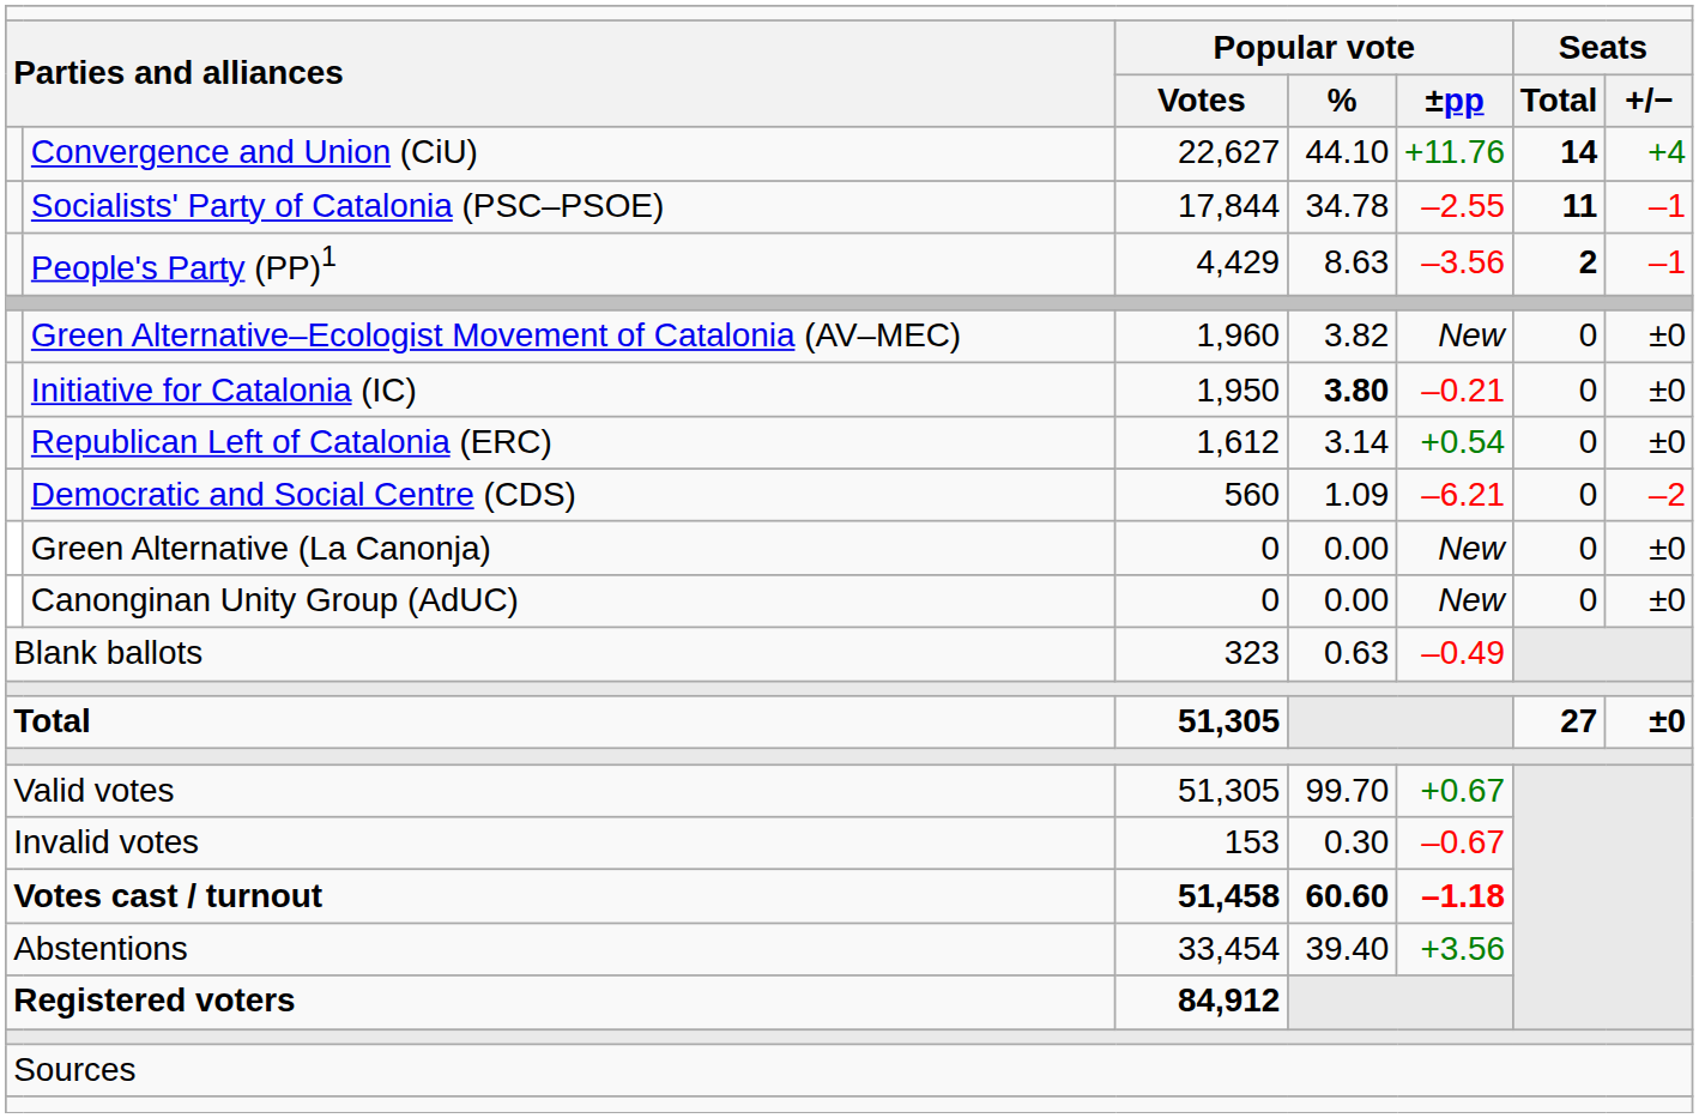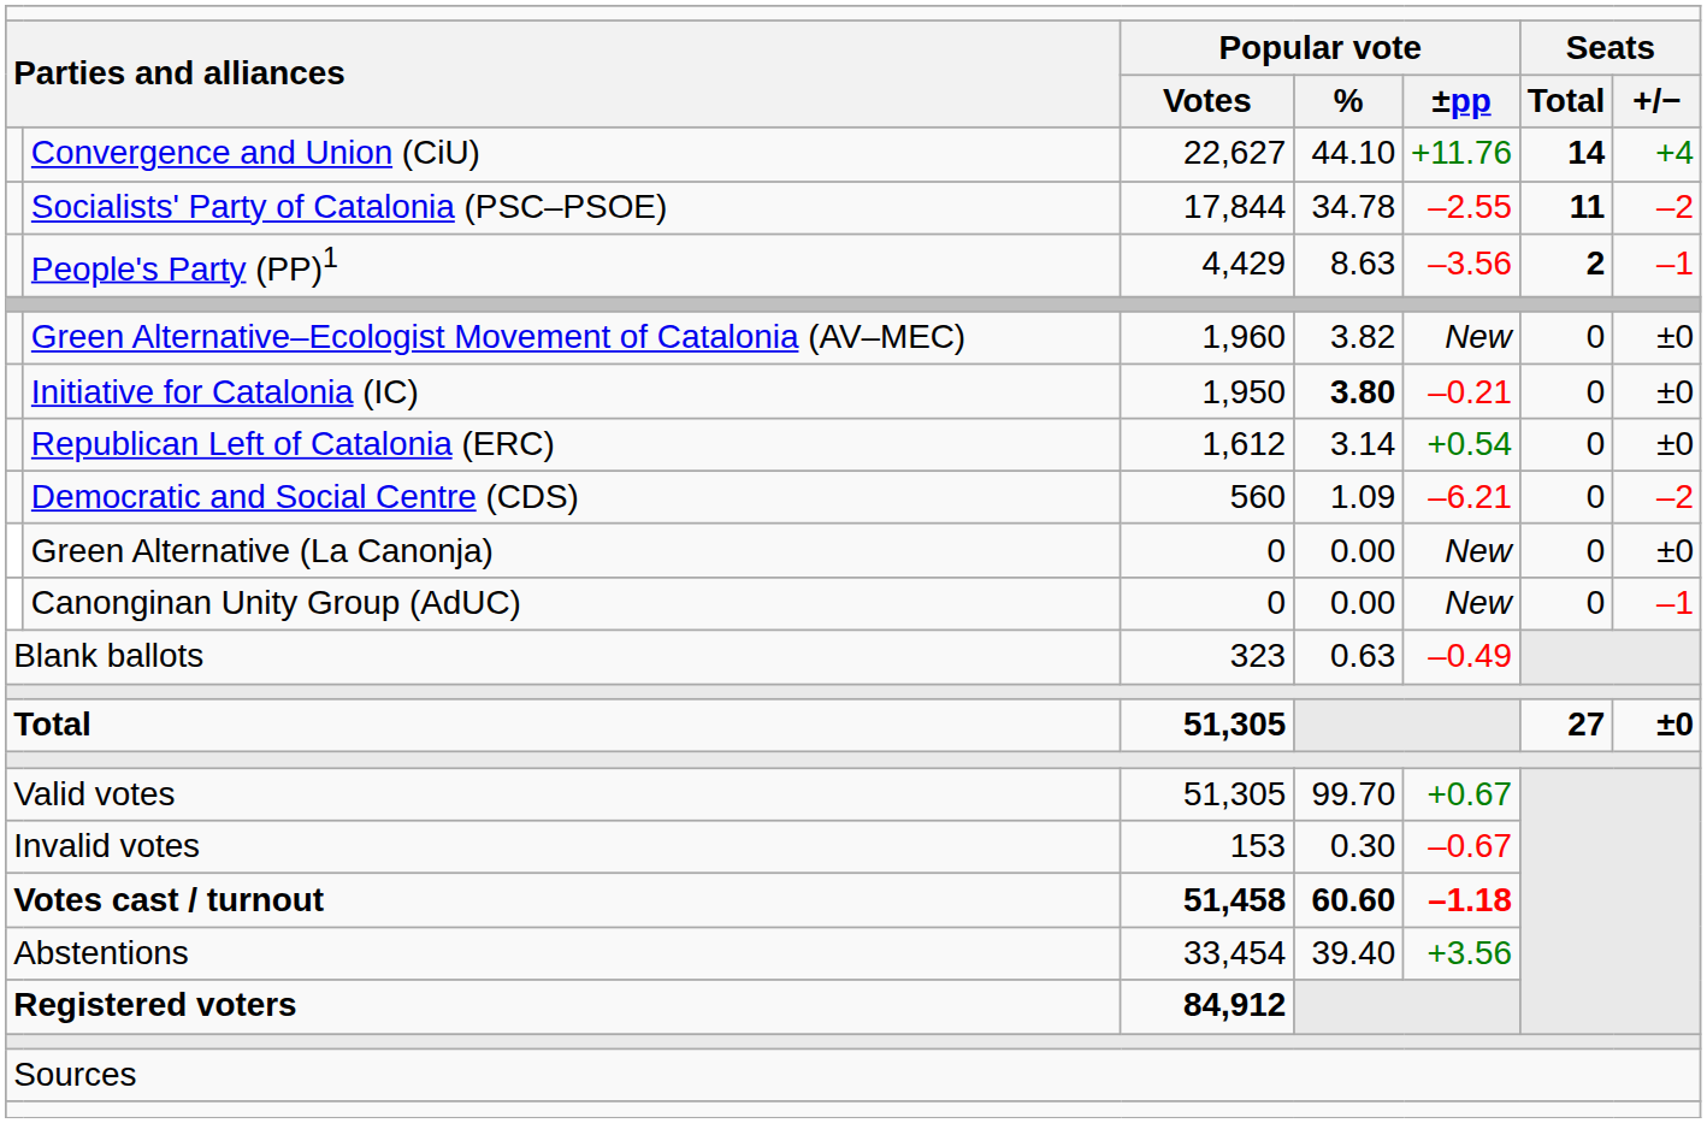 <table class="wikitable" style="text-align:right;">
 <tr>
 <td colspan="7"></td>
 </tr>
 <tr>
 <th style="text-align:left;" rowspan="2" colspan="2" width="525">Parties and alliances</th>
 <th colspan="3">Popular vote</th>
 <th colspan="2">Seats</th>
 </tr>
 <tr>
 <th width="75">Votes</th>
 <th width="45">%</th>
 <th width="45">±<a href='#'>pp</a></th>
 <th width="35">Total</th>
 <th width="35">+/−</th>
 </tr>
 <tr>
 <td width="1" style="color:inherit;background:"></td>
 <td align="left"><a href='#'>Convergence and Union</a> (CiU)</td>
 <td>22,627</td>
 <td>44.10</td>
 <td style="color:green;">+11.76</td>
 <td><strong>14</strong></td>
 <td style="color:green;">+4</td>
 </tr>
 <tr>
 <td style="color:inherit;background:"></td>
 <td align="left"><a href='#'>Socialists' Party of Catalonia</a> (PSC–PSOE)</td>
 <td>17,844</td>
 <td>34.78</td>
 <td style="color:red;">–2.55</td>
 <td><strong>11</strong></td>
-<td style="color:red;">–1</td>
+<td style="color:red;">–2</td>
 </tr>
 <tr>
 <td style="color:inherit;background:"></td>
 <td align="left"><a href='#'>People's Party</a> (PP)<sup>1</sup></td>
 <td>4,429</td>
 <td>8.63</td>
 <td style="color:red;">–3.56</td>
 <td><strong>2</strong></td>
 <td style="color:red;">–1</td>
 </tr>
 <tr>
 <td colspan="7" style="color:inherit;background:#C0C0C0"></td>
 </tr>
 <tr>
 <td style="color:inherit;background:"></td>
 <td align="left"><a href='#'>Green Alternative–Ecologist Movement of Catalonia</a> (AV–MEC)</td>
 <td>1,960</td>
 <td>3.82</td>
 <td><em>New</em></td>
 <td>0</td>
 <td>±0</td>
 </tr>
 <tr>
 <td style="color:inherit;background:"></td>
 <td align="left"><a href='#'>Initiative for Catalonia</a> (IC)</td>
 <td>1,950</td>
 <td><strong>3.80</strong></td>
 <td style="color:red;">–0.21</td>
 <td>0</td>
 <td>±0</td>
 </tr>
 <tr>
 <td style="color:inherit;background:"></td>
 <td align="left"><a href='#'>Republican Left of Catalonia</a> (ERC)</td>
 <td>1,612</td>
 <td>3.14</td>
 <td style="color:green;">+0.54</td>
 <td>0</td>
 <td>±0</td>
 </tr>
 <tr>
 <td style="color:inherit;background:"></td>
 <td align="left"><a href='#'>Democratic and Social Centre</a> (CDS)</td>
 <td>560</td>
 <td>1.09</td>
 <td style="color:red;">–6.21</td>
 <td>0</td>
 <td style="color:red;">–2</td>
 </tr>
 <tr>
 <td bgcolor="white"></td>
 <td align="left">Green Alternative (La Canonja)</td>
 <td>0</td>
 <td>0.00</td>
 <td><em>New</em></td>
 <td>0</td>
 <td>±0</td>
 </tr>
 <tr>
 <td bgcolor="white"></td>
 <td align="left">Canonginan Unity Group (AdUC)</td>
 <td>0</td>
 <td>0.00</td>
 <td><em>New</em></td>
 <td>0</td>
-<td>±0</td>
+<td style="color:red;">–1</td>
 </tr>
 <tr>
 <td align="left" colspan="2">Blank ballots</td>
 <td>323</td>
 <td>0.63</td>
 <td style="color:red;">–0.49</td>
 <td style="color:inherit;background:#E9E9E9" colspan="2"></td>
 </tr>
 <tr>
 <td colspan="7" style="color:inherit;background:#E9E9E9"></td>
 </tr>
 <tr style="font-weight:bold;">
 <td align="left" colspan="2">Total</td>
 <td>51,305</td>
 <td bgcolor="#E9E9E9" colspan="2"></td>
 <td>27</td>
 <td>±0</td>
 </tr>
 <tr>
 <td colspan="7" style="color:inherit;background:#E9E9E9"></td>
 </tr>
 <tr>
 <td align="left" colspan="2">Valid votes</td>
 <td>51,305</td>
 <td>99.70</td>
 <td style="color:green;">+0.67</td>
 <td bgcolor="#E9E9E9" colspan="2" rowspan="5"></td>
 </tr>
 <tr>
 <td align="left" colspan="2">Invalid votes</td>
 <td>153</td>
 <td>0.30</td>
 <td style="color:red;">–0.67</td>
 </tr>
 <tr style="font-weight:bold;">
 <td align="left" colspan="2">Votes cast / turnout</td>
 <td>51,458</td>
 <td>60.60</td>
 <td style="color:red;">–1.18</td>
 </tr>
 <tr>
 <td align="left" colspan="2">Abstentions</td>
 <td>33,454</td>
 <td>39.40</td>
 <td style="color:green;">+3.56</td>
 </tr>
 <tr style="font-weight:bold;">
 <td align="left" colspan="2">Registered voters</td>
 <td>84,912</td>
 <td bgcolor="#E9E9E9" colspan="2"></td>
 </tr>
 <tr>
 <td colspan="7" style="color:inherit;background:#E9E9E9"></td>
 </tr>
 <tr>
 <td align="left" colspan="7">Sources</td>
 </tr>
 <tr>
 <td colspan="7" style="text-align:left; max-width:790px;"></td>
 </tr>
 </table>
